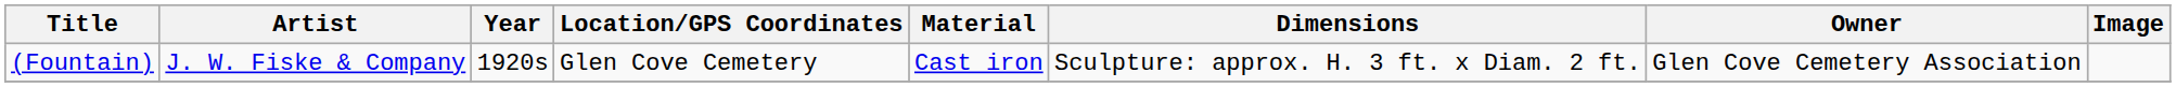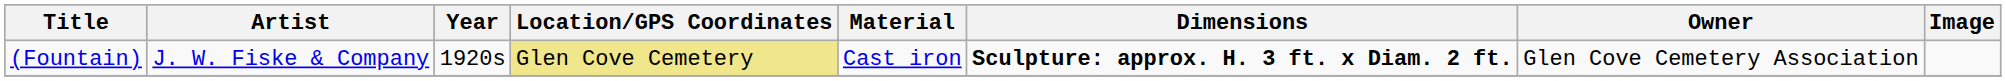 <table class="wikitable sortable">
 <tr>
 <th>Title</th>
 <th>Artist</th>
 <th>Year</th>
 <th>Location/GPS Coordinates</th>
 <th>Material</th>
 <th>Dimensions</th>
 <th>Owner</th>
 <th>Image</th>
 </tr>
 <tr>
 <td><a href='#'>(Fountain)</a></td>
 <td><a href='#'>J. W. Fiske & Company</a></td>
 <td>1920s</td>
-<td>Glen Cove Cemetery</td>
+<td style="background: khaki;">Glen Cove Cemetery</td>
 <td><a href='#'>Cast iron</a></td>
-<td>Sculpture: approx. H. 3 ft. x Diam. 2 ft.</td>
+<td><strong>Sculpture: approx. H. 3 ft. x Diam. 2 ft.</strong></td>
 <td>Glen Cove Cemetery Association</td>
 <td></td>
 </tr>
 <tr>
 </tr>
 </table>
